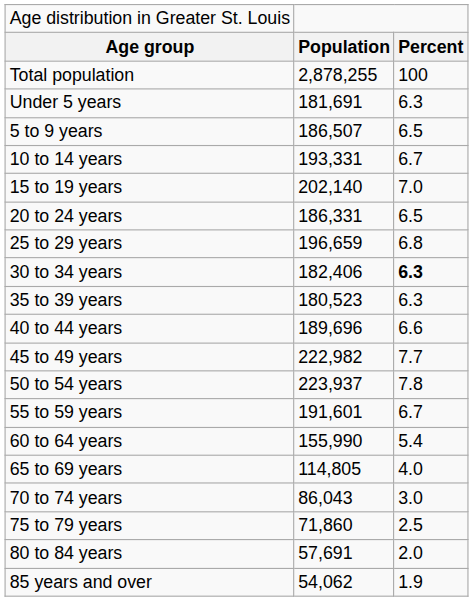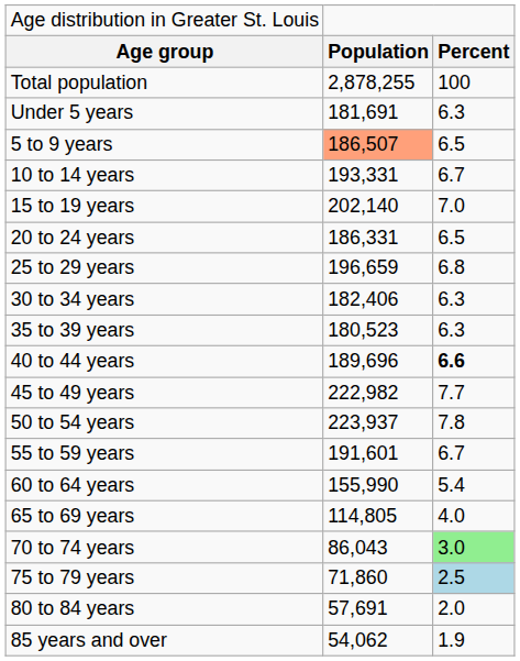 <table class="wikitable collapsible sortable collapsed" style="margin: 1em auto 1em auto;">
 <tr>
 <td>Age distribution in Greater St. Louis</td>
 </tr>
 <tr>
 <th>Age group</th>
 <th>Population</th>
 <th>Percent</th>
 </tr>
 <tr>
 <td>Total population</td>
 <td>2,878,255</td>
 <td>100</td>
 </tr>
 <tr>
 <td>Under 5 years</td>
 <td>181,691</td>
 <td>6.3</td>
 </tr>
 <tr>
 <td>5 to 9 years</td>
-<td>186,507</td>
+<td style="background: lightsalmon;">186,507</td>
 <td>6.5</td>
 </tr>
 <tr>
 <td>10 to 14 years</td>
 <td>193,331</td>
 <td>6.7</td>
 </tr>
 <tr>
 <td>15 to 19 years</td>
 <td>202,140</td>
 <td>7.0</td>
 </tr>
 <tr>
 <td>20 to 24 years</td>
 <td>186,331</td>
 <td>6.5</td>
 </tr>
 <tr>
 <td>25 to 29 years</td>
 <td>196,659</td>
 <td>6.8</td>
 </tr>
 <tr>
 <td>30 to 34 years</td>
 <td>182,406</td>
-<td><strong>6.3</strong></td>
+<td>6.3</td>
 </tr>
 <tr>
 <td>35 to 39 years</td>
 <td>180,523</td>
 <td>6.3</td>
 </tr>
 <tr>
 <td>40 to 44 years</td>
 <td>189,696</td>
-<td>6.6</td>
+<td><strong>6.6</strong></td>
 </tr>
 <tr>
 <td>45 to 49 years</td>
 <td>222,982</td>
 <td>7.7</td>
 </tr>
 <tr>
 <td>50 to 54 years</td>
 <td>223,937</td>
 <td>7.8</td>
 </tr>
 <tr>
 <td>55 to 59 years</td>
 <td>191,601</td>
 <td>6.7</td>
 </tr>
 <tr>
 <td>60 to 64 years</td>
 <td>155,990</td>
 <td>5.4</td>
 </tr>
 <tr>
 <td>65 to 69 years</td>
 <td>114,805</td>
 <td>4.0</td>
 </tr>
 <tr>
 <td>70 to 74 years</td>
 <td>86,043</td>
-<td>3.0</td>
+<td style="background: lightgreen;">3.0</td>
 </tr>
 <tr>
 <td>75 to 79 years</td>
 <td>71,860</td>
-<td>2.5</td>
+<td style="background: lightblue;">2.5</td>
 </tr>
 <tr>
 <td>80 to 84 years</td>
 <td>57,691</td>
 <td>2.0</td>
 </tr>
 <tr>
 <td>85 years and over</td>
 <td>54,062</td>
 <td>1.9</td>
 </tr>
 </table>
